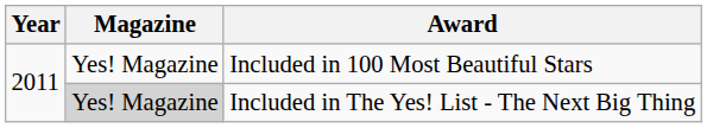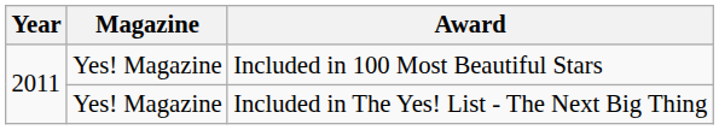 <table class="wikitable">
 <tr>
 <th>Year</th>
 <th>Magazine</th>
 <th>Award</th>
 </tr>
 <tr>
 <td rowspan="2">2011</td>
 <td>Yes! Magazine</td>
 <td>Included in 100 Most Beautiful Stars</td>
 </tr>
 <tr>
-<td style="background: lightgrey;">Yes! Magazine</td>
+<td>Yes! Magazine</td>
 <td>Included in The Yes! List - The Next Big Thing</td>
 </tr>
 </table>
